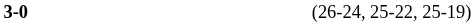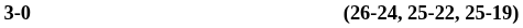 <table width=100% cellspacing=1>
 <tr>
 <th width=20%></th>
 <th width=12%></th>
 <th width=20%></th>
 <th width=33%></th>
 <td></td>
 </tr>
 <tr style=font-size:90%>
 <td align=right></td>
 <td align=center><strong>3-0</strong></td>
 <td></td>
-<td>(26-24, 25-22, 25-19)</td>
+<td><strong>(26-24, 25-22, 25-19)</strong></td>
 </tr>
 </table>
